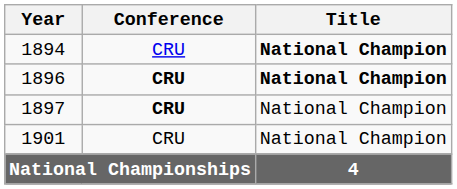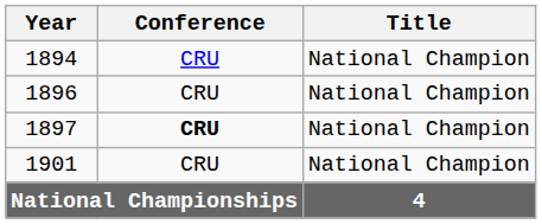 <table class="wikitable" style="text-align:center">
 <tr>
 <th>Year</th>
 <th>Conference</th>
 <th>Title</th>
 </tr>
 <tr>
 <td>1894</td>
 <td><a href='#'>CRU</a></td>
-<td><strong>National Champion</strong></td>
+<td>National Champion</td>
 </tr>
 <tr>
 <td>1896</td>
-<td><strong>CRU</strong></td>
-<td><strong>National Champion</strong></td>
+<td>CRU</td>
+<td>National Champion</td>
 </tr>
 <tr>
 <td>1897</td>
 <td><strong>CRU</strong></td>
 <td>National Champion</td>
 </tr>
 <tr>
 <td>1901</td>
 <td>CRU</td>
 <td>National Champion</td>
 </tr>
 <tr style="background:#666666; color:white;">
 <td colspan="2"><strong>National Championships</strong></td>
 <td colspan="2"><strong>4</strong></td>
 </tr>
 </table>
